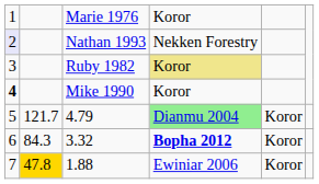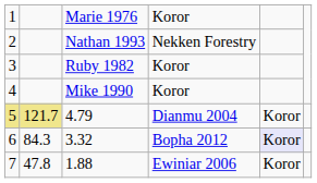 <table class="wikitable">
 <tr>
 <td>1</td>
 <td></td>
 <td><a href='#'>Marie 1976</a></td>
 <td>Koror</td>
 <td></td>
 </tr>
 <tr>
-<td style="background: lavender;">2</td>
+<td>2</td>
 <td></td>
 <td><a href='#'>Nathan 1993</a></td>
 <td>Nekken Forestry</td>
 <td></td>
 </tr>
 <tr>
 <td>3</td>
 <td></td>
 <td><a href='#'>Ruby 1982</a></td>
-<td style="background: khaki;">Koror</td>
+<td>Koror</td>
 <td></td>
 </tr>
 <tr>
-<td><strong>4</strong></td>
+<td>4</td>
 <td></td>
 <td><a href='#'>Mike 1990</a></td>
 <td>Koror</td>
 <td></td>
 </tr>
 <tr>
-<td>5</td>
-<td>121.7</td>
+<td style="background: khaki;">5</td>
+<td style="background: khaki;">121.7</td>
 <td>4.79</td>
-<td style="background: lightgreen;"><a href='#'>Dianmu 2004</a></td>
+<td><a href='#'>Dianmu 2004</a></td>
 <td>Koror</td>
 <td></td>
 </tr>
 <tr>
 <td>6</td>
 <td>84.3</td>
 <td>3.32</td>
-<td><strong><a href='#'>Bopha 2012</a></strong></td>
-<td>Koror</td>
+<td><a href='#'>Bopha 2012</a></td>
+<td style="background: lavender;">Koror</td>
 <td></td>
 </tr>
 <tr>
 <td>7</td>
-<td style="background: gold;">47.8</td>
+<td>47.8</td>
 <td>1.88</td>
 <td><a href='#'>Ewiniar 2006</a></td>
 <td>Koror</td>
 <td></td>
 </tr>
 </table>
